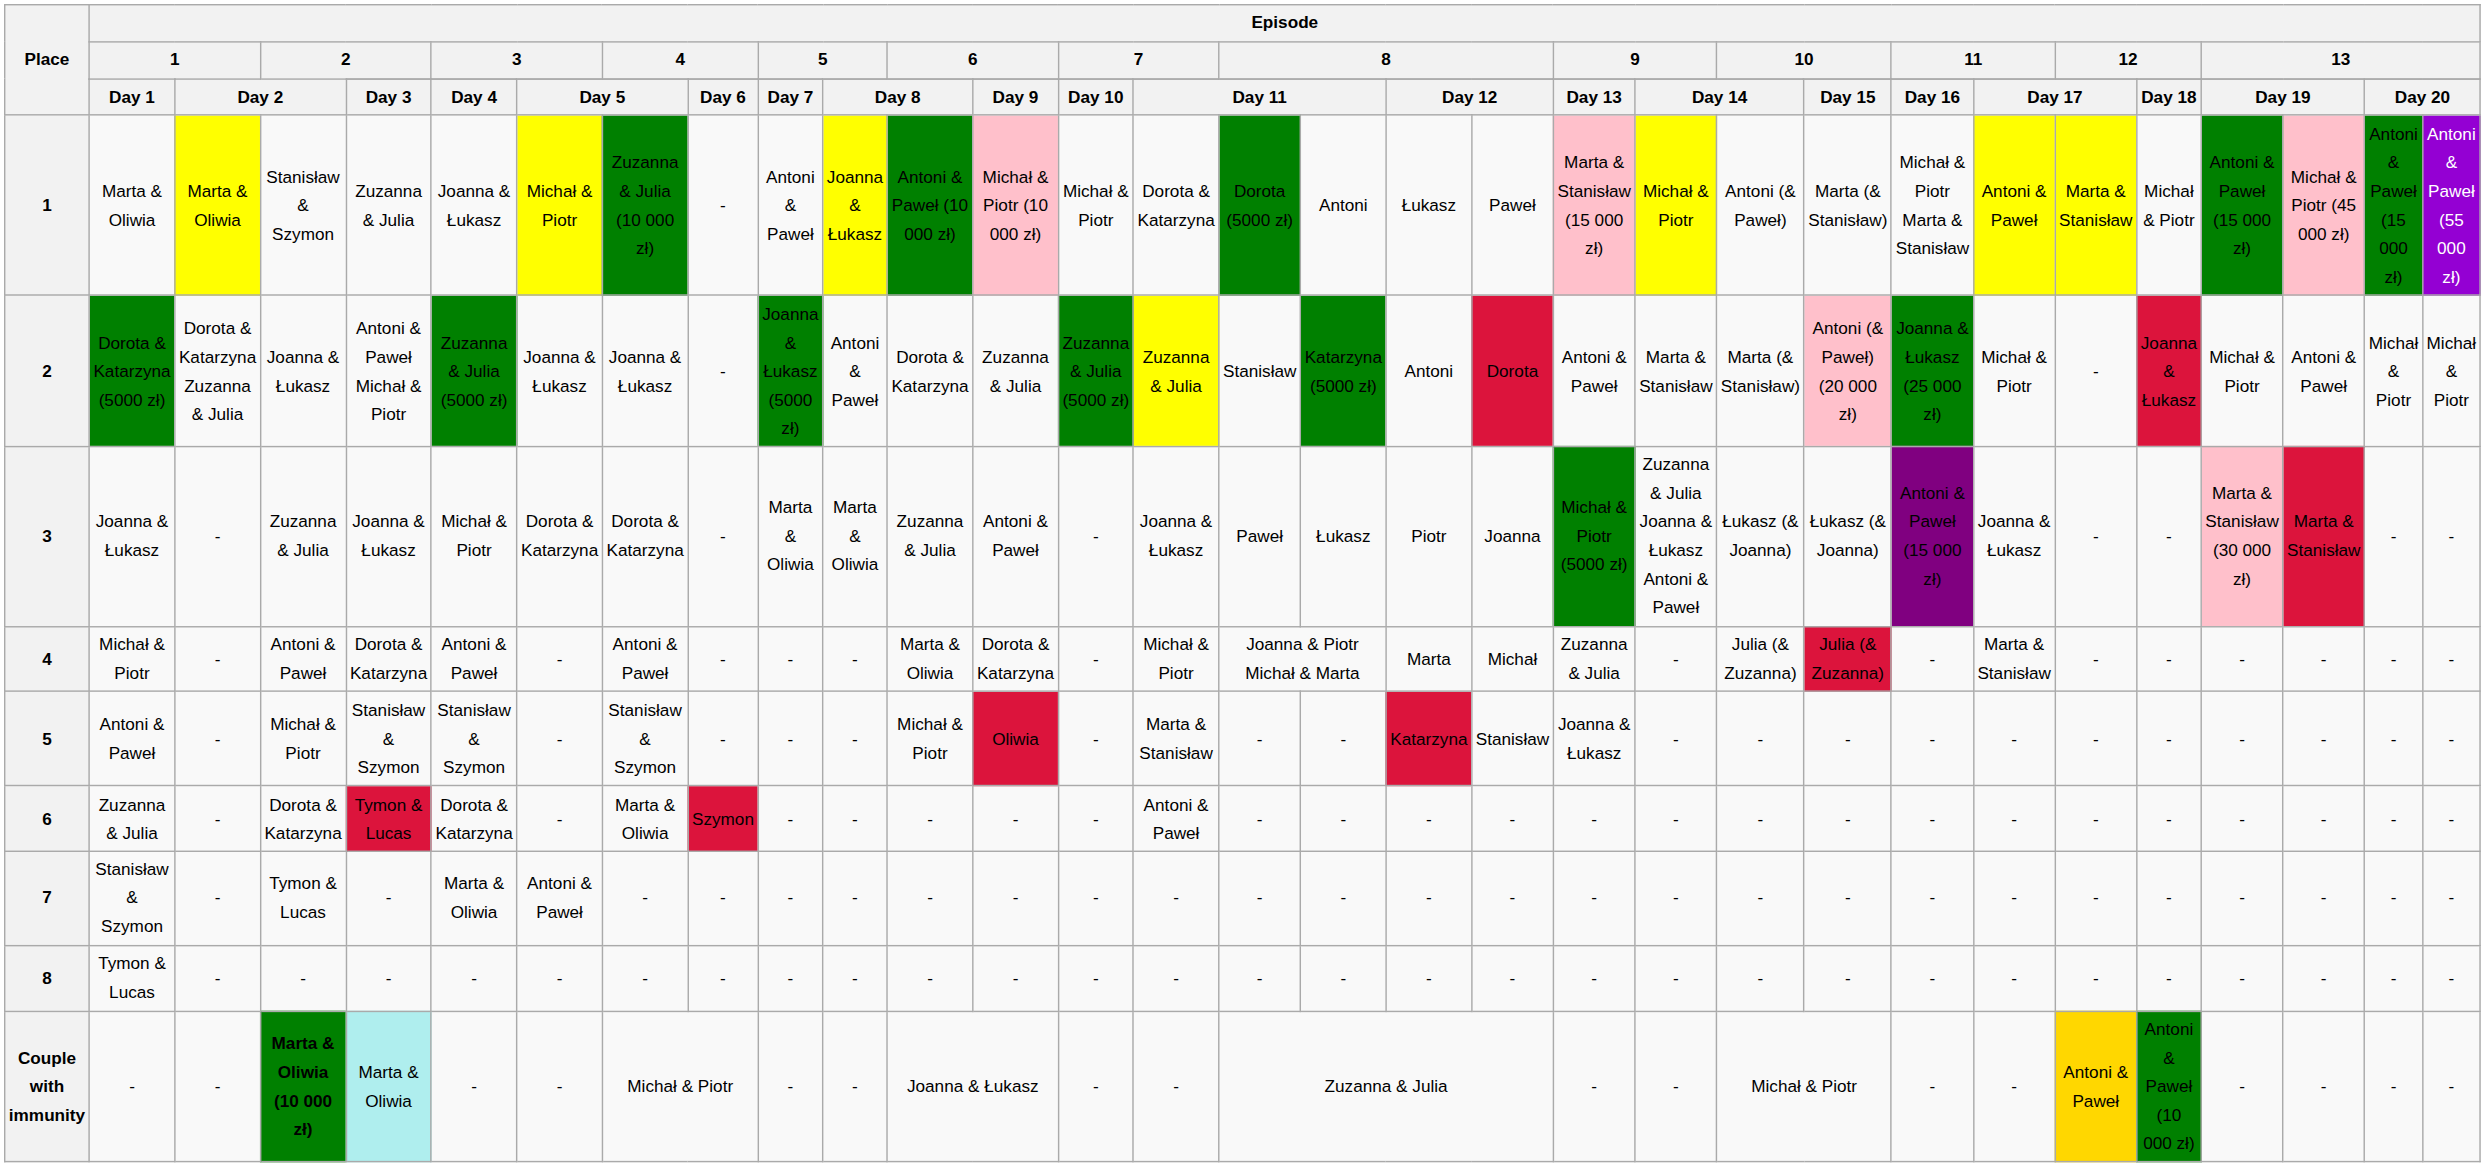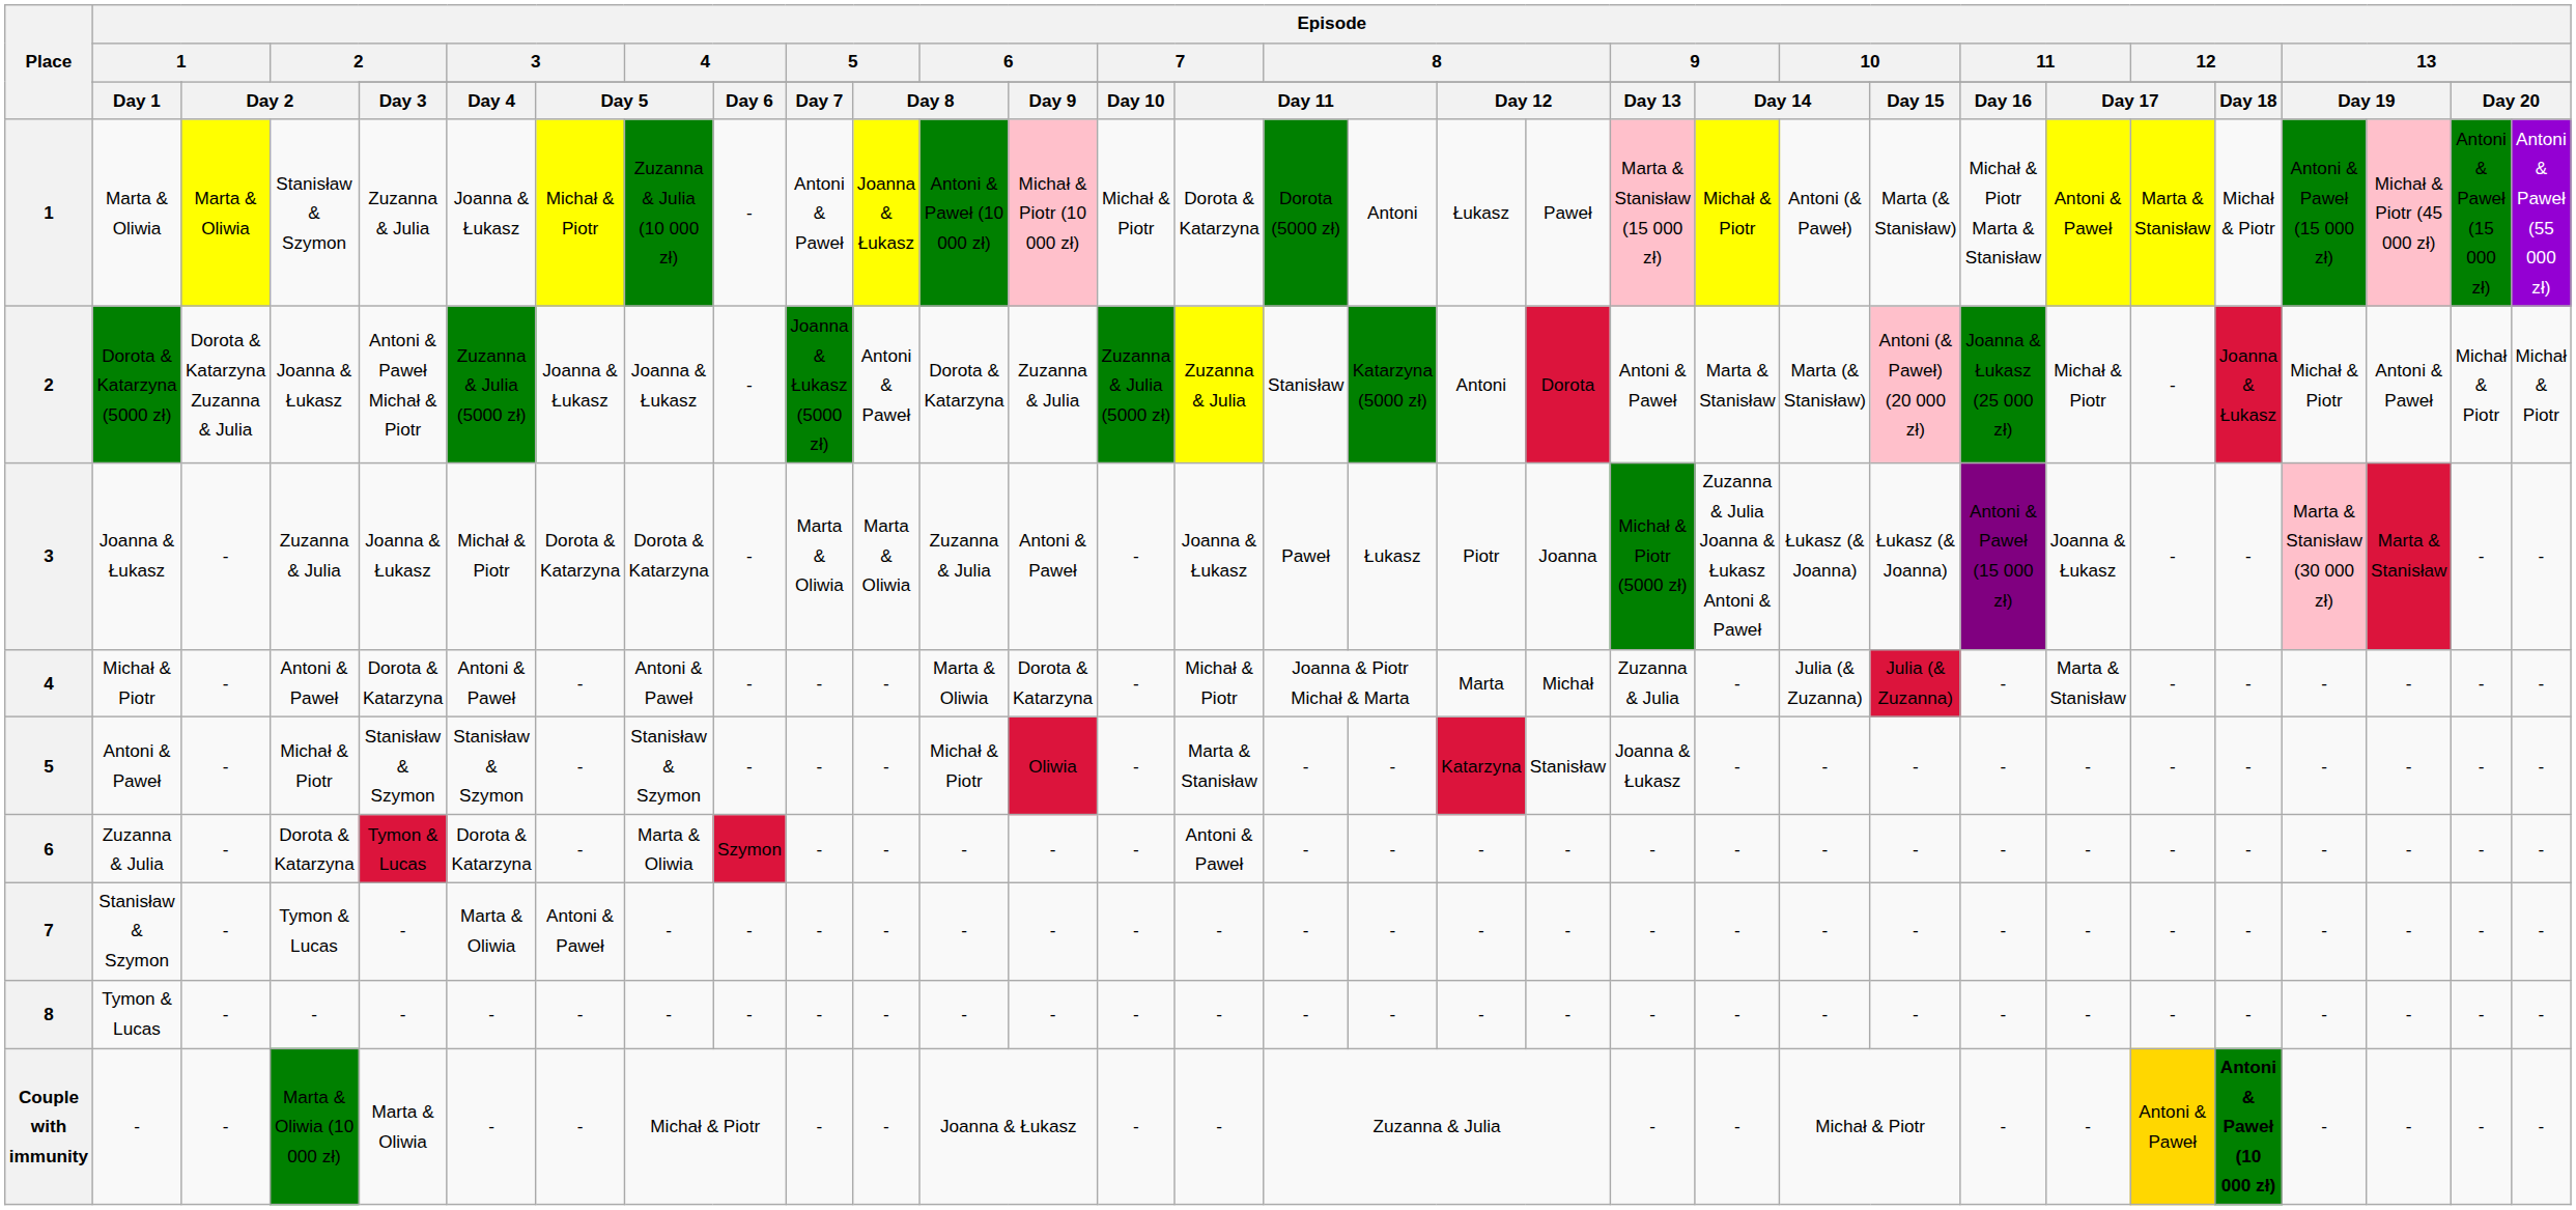 <table class="wikitable" style="text-align: center; font-size: 9pt; line-height:20px;">
 <tr>
 <th rowspan="15">Place</th>
 <th colspan="31">Episode</th>
 </tr>
 <tr>
 <th colspan="2">1</th>
 <th colspan="2">2</th>
 <th colspan="2">3</th>
 <th colspan="2">4</th>
 <th colspan="2">5</th>
 <th colspan="2">6</th>
 <th colspan="2">7</th>
 <th colspan="4">8 </th>
 <th colspan="2">9</th>
 <th colspan="2">10 </th>
 <th colspan="2">11</th>
 <th colspan="2">12</th>
 <th colspan="5">13</th>
 </tr>
 <tr>
 <th rowspan="13">Day 1</th>
 <th rowspan="13" colspan="2">Day 2</th>
 </tr>
 <tr>
 <th rowspan="12">Day 3</th>
 </tr>
 <tr>
 <th rowspan="11">Day 4</th>
 <th rowspan="11" colspan="2">Day 5</th>
 </tr>
 <tr>
 <th rowspan="10">Day 6</th>
 </tr>
 <tr>
 <th rowspan="9">Day 7</th>
 <th rowspan="9" colspan="2">Day 8</th>
 </tr>
 <tr>
 <th rowspan="8">Day 9</th>
 </tr>
 <tr>
 <th rowspan="7">Day 10</th>
 <th rowspan="7" colspan="3">Day 11</th>
 </tr>
 <tr>
 <th rowspan="6" colspan="2">Day 12</th>
 </tr>
 <tr>
 <th rowspan="5">Day 13</th>
 <th rowspan="5" colspan="2">Day 14</th>
 </tr>
 <tr>
 <th rowspan="4">Day 15</th>
 </tr>
 <tr>
 <th rowspan="3">Day 16</th>
 <th rowspan="3" colspan="2">Day 17</th>
 </tr>
 <tr>
 <th rowspan="2">Day 18</th>
 </tr>
 <tr>
 <th rowspan="1" colspan="2">Day 19</th>
 <th rowspan="1" colspan="3">Day 20</th>
 </tr>
 <tr>
 <th>1</th>
 <td>Marta & Oliwia</td>
 <td bgcolor=yellow>Marta & Oliwia</td>
 <td>Stanisław & Szymon</td>
 <td>Zuzanna & Julia</td>
 <td>Joanna & Łukasz</td>
 <td bgcolor=yellow>Michał & Piotr</td>
 <td bgcolor=green>Zuzanna & Julia (10 000 zł)</td>
 <td>-</td>
 <td>Antoni & Paweł</td>
 <td bgcolor=yellow>Joanna & Łukasz</td>
 <td bgcolor=green>Antoni & Paweł (10 000 zł)</td>
 <td bgcolor=pink>Michał & Piotr (10 000 zł)</td>
 <td>Michał & Piotr</td>
 <td>Dorota & Katarzyna</td>
 <td bgcolor=green>Dorota (5000 zł)</td>
 <td>Antoni</td>
 <td>Łukasz</td>
 <td>Paweł</td>
 <td bgcolor=pink>Marta & Stanisław (15 000 zł)</td>
 <td bgcolor=yellow>Michał & Piotr</td>
 <td>Antoni (& Paweł)</td>
 <td>Marta (& Stanisław)</td>
 <td>Michał & Piotr <br> Marta & Stanisław</td>
 <td bgcolor=yellow>Antoni & Paweł</td>
 <td bgcolor=yellow>Marta & Stanisław</td>
 <td>Michał & Piotr</td>
 <td bgcolor=green>Antoni & Paweł (15 000 zł)</td>
 <td bgcolor=pink>Michał & Piotr (45 000 zł)</td>
 <td bgcolor=green>Antoni & Paweł (15 000 zł)</td>
 <td style="background:darkviolet; color:white;">Antoni & Paweł (55 000 zł)</td>
 </tr>
 <tr>
 <th>2</th>
 <td bgcolor=green>Dorota & Katarzyna (5000 zł)</td>
 <td>Dorota & Katarzyna <br> Zuzanna & Julia</td>
 <td>Joanna & Łukasz</td>
 <td>Antoni & Paweł <br> Michał & Piotr</td>
 <td bgcolor=green>Zuzanna & Julia (5000 zł)</td>
 <td>Joanna & Łukasz</td>
 <td>Joanna & Łukasz</td>
 <td>-</td>
 <td bgcolor=green>Joanna & Łukasz (5000 zł)</td>
 <td>Antoni & Paweł</td>
 <td>Dorota & Katarzyna</td>
 <td>Zuzanna & Julia</td>
 <td bgcolor=green>Zuzanna & Julia (5000 zł)</td>
 <td bgcolor=yellow>Zuzanna & Julia</td>
 <td>Stanisław</td>
 <td bgcolor=green>Katarzyna (5000 zł)</td>
 <td>Antoni</td>
 <td bgcolor=crimson>Dorota</td>
 <td>Antoni & Paweł</td>
 <td>Marta & Stanisław</td>
 <td>Marta (& Stanisław)</td>
 <td bgcolor=pink>Antoni (& Paweł) (20 000 zł)</td>
 <td bgcolor=green>Joanna & Łukasz (25 000 zł)</td>
 <td>Michał & Piotr</td>
 <td>-</td>
 <td bgcolor=crimson>Joanna & Łukasz</td>
 <td>Michał & Piotr</td>
 <td>Antoni & Paweł</td>
 <td>Michał & Piotr</td>
 <td>Michał & Piotr</td>
 </tr>
 <tr>
 <th>3</th>
 <td>Joanna & Łukasz</td>
 <td>-</td>
 <td>Zuzanna & Julia</td>
 <td>Joanna & Łukasz</td>
 <td>Michał & Piotr</td>
 <td>Dorota & Katarzyna</td>
 <td>Dorota & Katarzyna</td>
 <td>-</td>
 <td>Marta & Oliwia</td>
 <td>Marta & Oliwia</td>
 <td>Zuzanna & Julia</td>
 <td>Antoni & Paweł</td>
 <td>-</td>
 <td>Joanna & Łukasz</td>
 <td>Paweł</td>
 <td>Łukasz</td>
 <td>Piotr</td>
 <td>Joanna</td>
 <td bgcolor=green>Michał & Piotr (5000 zł)</td>
 <td>Zuzanna & Julia <br> Joanna & Łukasz <br> Antoni & Paweł</td>
 <td>Łukasz (& Joanna)</td>
 <td>Łukasz (& Joanna)</td>
 <td bgcolor=purple>Antoni & Paweł (15 000 zł)</td>
 <td>Joanna & Łukasz</td>
 <td>-</td>
 <td>-</td>
 <td bgcolor=pink>Marta & Stanisław (30 000 zł)</td>
 <td bgcolor=crimson>Marta & Stanisław</td>
 <td>-</td>
 <td>-</td>
 </tr>
 <tr>
 <th>4</th>
 <td>Michał & Piotr</td>
 <td>-</td>
 <td>Antoni & Paweł</td>
 <td>Dorota & Katarzyna</td>
 <td>Antoni & Paweł</td>
 <td>-</td>
 <td>Antoni & Paweł</td>
 <td>-</td>
 <td>-</td>
 <td>-</td>
 <td>Marta & Oliwia</td>
 <td>Dorota & Katarzyna</td>
 <td>-</td>
 <td>Michał & Piotr</td>
 <td colspan="2">Joanna & Piotr <br> Michał & Marta</td>
 <td>Marta</td>
 <td>Michał</td>
 <td>Zuzanna & Julia</td>
 <td>-</td>
 <td>Julia (& Zuzanna)</td>
 <td bgcolor=crimson>Julia (& Zuzanna)</td>
 <td>-</td>
 <td>Marta & Stanisław</td>
 <td>-</td>
 <td>-</td>
 <td>-</td>
 <td>-</td>
 <td>-</td>
 <td>-</td>
 </tr>
 <tr>
 <th>5</th>
 <td>Antoni & Paweł</td>
 <td>-</td>
 <td>Michał & Piotr</td>
 <td>Stanisław & Szymon</td>
 <td>Stanisław & Szymon</td>
 <td>-</td>
 <td>Stanisław & Szymon</td>
 <td>-</td>
 <td>-</td>
 <td>-</td>
 <td>Michał & Piotr</td>
 <td bgcolor=crimson>Oliwia</td>
 <td>-</td>
 <td>Marta & Stanisław</td>
 <td>-</td>
 <td>-</td>
 <td bgcolor=crimson>Katarzyna</td>
 <td>Stanisław</td>
 <td>Joanna & Łukasz</td>
 <td>-</td>
 <td>-</td>
 <td>-</td>
 <td>-</td>
 <td>-</td>
 <td>-</td>
 <td>-</td>
 <td>-</td>
 <td>-</td>
 <td>-</td>
 <td>-</td>
 </tr>
 <tr>
 <th>6</th>
 <td>Zuzanna & Julia</td>
 <td>-</td>
 <td>Dorota & Katarzyna</td>
 <td bgcolor=crimson>Tymon & Lucas</td>
 <td>Dorota & Katarzyna</td>
 <td>-</td>
 <td>Marta & Oliwia</td>
 <td bgcolor=crimson>Szymon</td>
 <td>-</td>
 <td>-</td>
 <td>-</td>
 <td>-</td>
 <td>-</td>
 <td>Antoni & Paweł</td>
 <td>-</td>
 <td>-</td>
 <td>-</td>
 <td>-</td>
 <td>-</td>
 <td>-</td>
 <td>-</td>
 <td>-</td>
 <td>-</td>
 <td>-</td>
 <td>-</td>
 <td>-</td>
 <td>-</td>
 <td>-</td>
 <td>-</td>
 <td>-</td>
 </tr>
 <tr>
 <th>7</th>
 <td>Stanisław & Szymon</td>
 <td>-</td>
 <td>Tymon & Lucas</td>
 <td>-</td>
 <td>Marta & Oliwia</td>
 <td>Antoni & Paweł</td>
 <td>-</td>
 <td>-</td>
 <td>-</td>
 <td>-</td>
 <td>-</td>
 <td>-</td>
 <td>-</td>
 <td>-</td>
 <td>-</td>
 <td>-</td>
 <td>-</td>
 <td>-</td>
 <td>-</td>
 <td>-</td>
 <td>-</td>
 <td>-</td>
 <td>-</td>
 <td>-</td>
 <td>-</td>
 <td>-</td>
 <td>-</td>
 <td>-</td>
 <td>-</td>
 <td>-</td>
 </tr>
 <tr>
 <th>8</th>
 <td>Tymon & Lucas</td>
 <td>-</td>
 <td>-</td>
 <td>-</td>
 <td>-</td>
 <td>-</td>
 <td>-</td>
 <td>-</td>
 <td>-</td>
 <td>-</td>
 <td>-</td>
 <td>-</td>
 <td>-</td>
 <td>-</td>
 <td>-</td>
 <td>-</td>
 <td>-</td>
 <td>-</td>
 <td>-</td>
 <td>-</td>
 <td>-</td>
 <td>-</td>
 <td>-</td>
 <td>-</td>
 <td>-</td>
 <td>-</td>
 <td>-</td>
 <td>-</td>
 <td>-</td>
 <td>-</td>
 </tr>
 <tr>
 <th>Couple with immunity</th>
 <td>-</td>
 <td>-</td>
-<td bgcolor=green><strong>Marta & Oliwia (10 000 zł)</strong></td>
-<td style="background: paleturquoise;">Marta & Oliwia</td>
+<td bgcolor=green>Marta & Oliwia (10 000 zł)</td>
+<td>Marta & Oliwia</td>
 <td>-</td>
 <td>-</td>
 <td colspan="2">Michał & Piotr</td>
 <td>-</td>
 <td>-</td>
 <td colspan="2">Joanna & Łukasz</td>
 <td>-</td>
 <td>-</td>
 <td colspan="4">Zuzanna & Julia</td>
 <td>-</td>
 <td>-</td>
 <td colspan="2">Michał & Piotr</td>
 <td>-</td>
 <td>-</td>
 <td style="background: gold;">Antoni & Paweł</td>
-<td bgcolor=green>Antoni & Paweł (10 000 zł)</td>
+<td bgcolor=green><strong>Antoni & Paweł (10 000 zł)</strong></td>
 <td>-</td>
 <td>-</td>
 <td>-</td>
 <td>-</td>
 </tr>
 </table>
